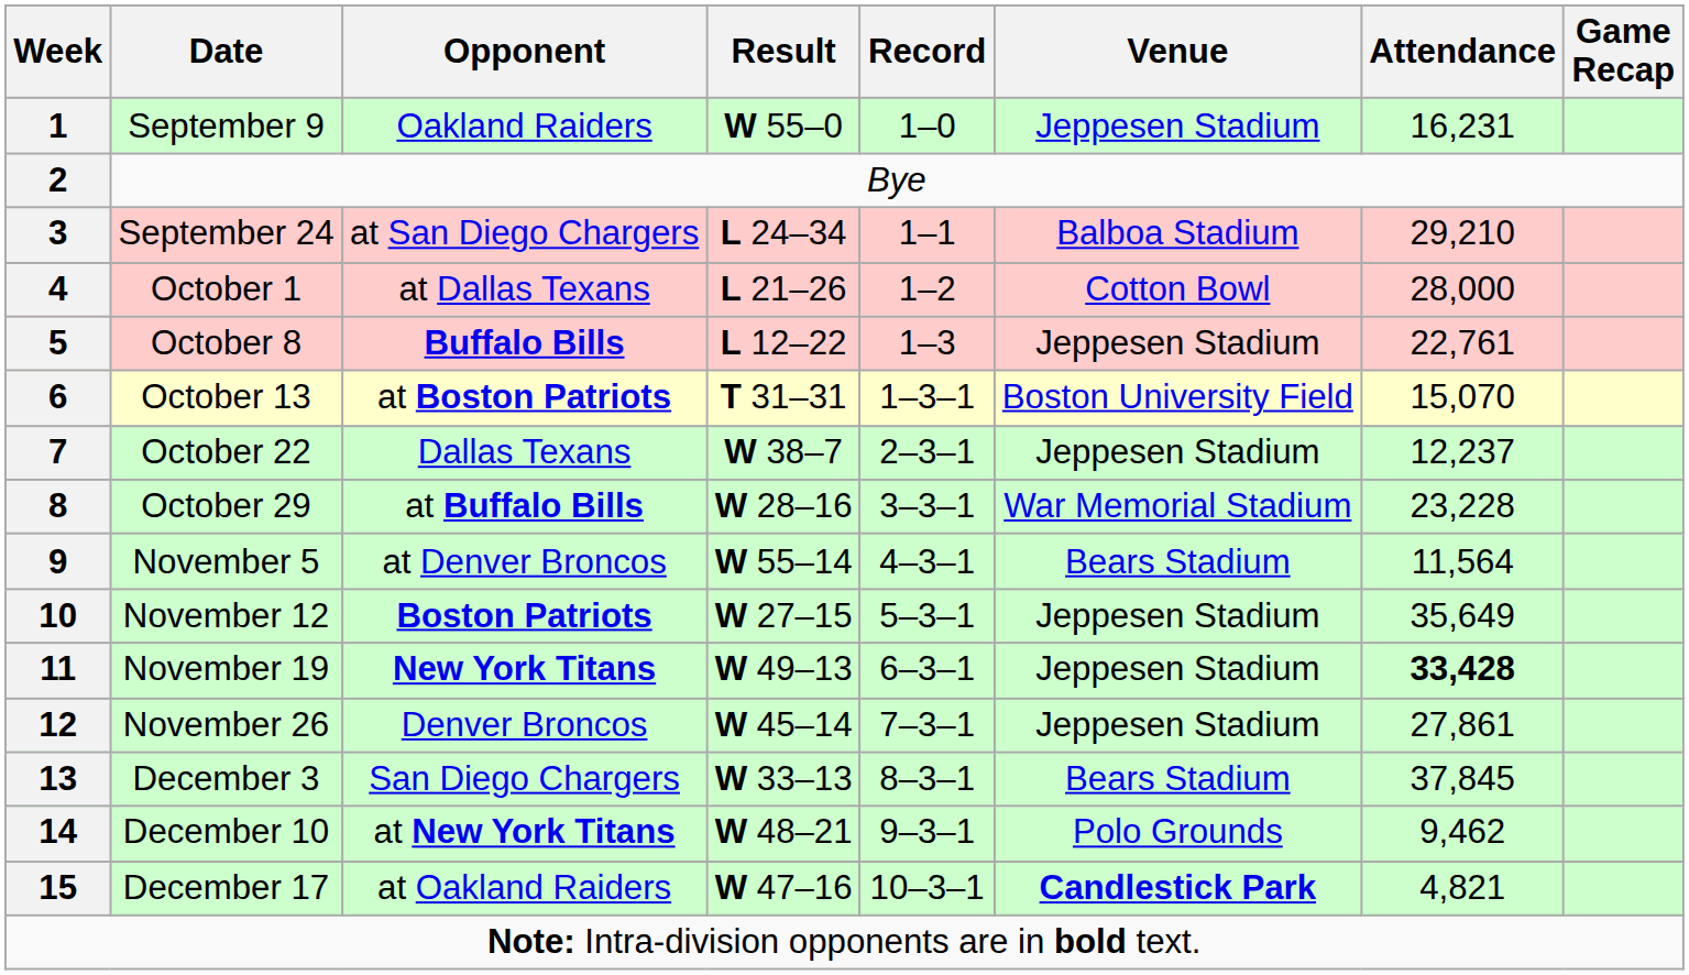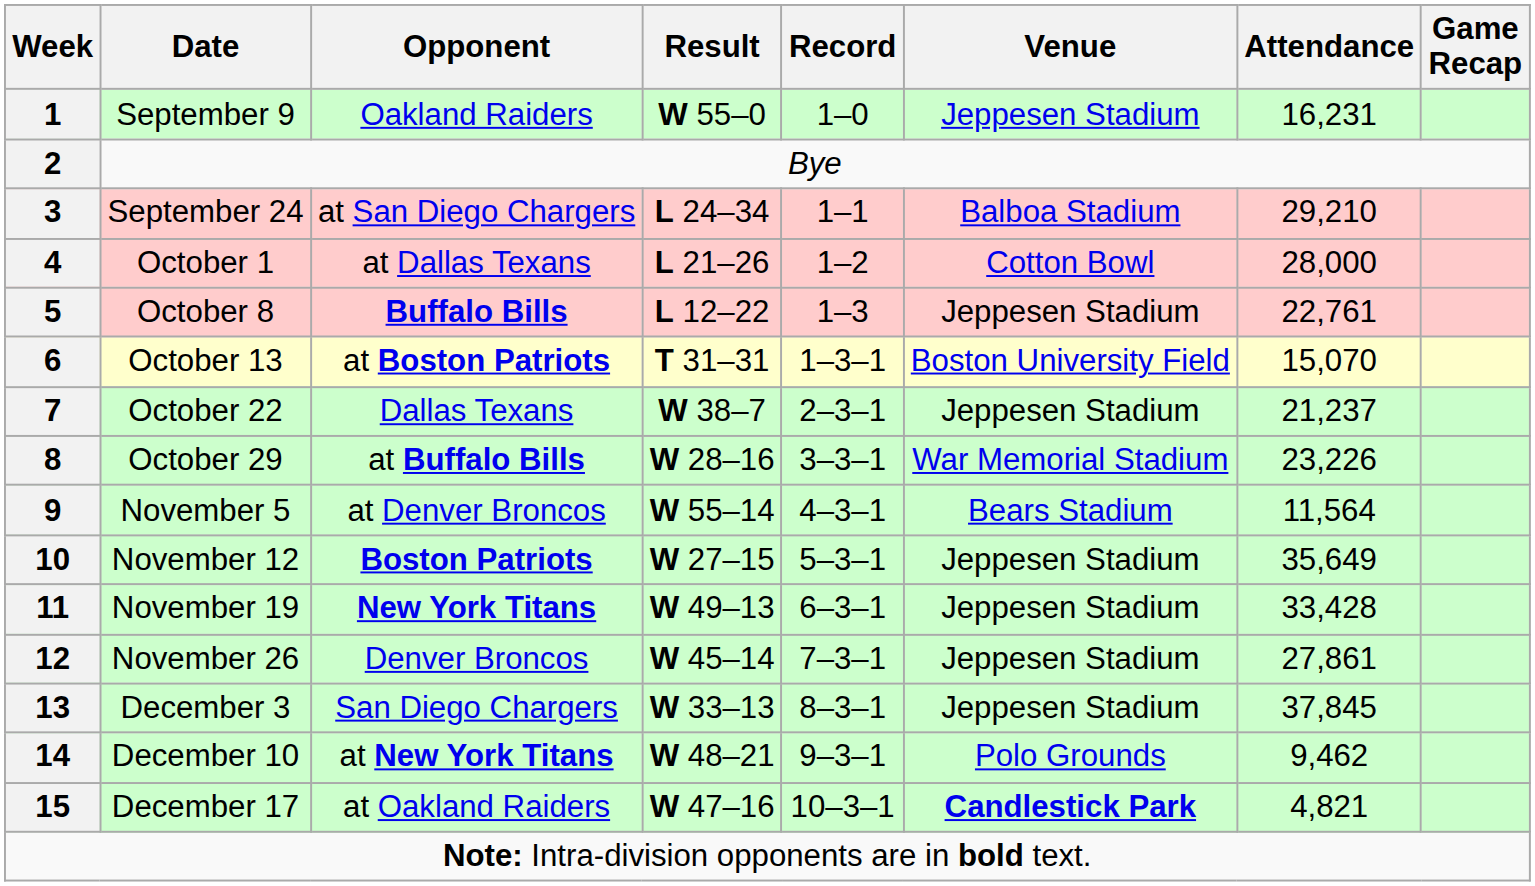 <table class="wikitable" style="text-align:center">
 <tr>
 <th>Week</th>
 <th>Date</th>
 <th>Opponent</th>
 <th>Result</th>
 <th>Record</th>
 <th>Venue</th>
 <th>Attendance</th>
 <th>Game<br>Recap</th>
 </tr>
 <tr style="background:#cfc">
 <th>1</th>
 <td>September 9</td>
 <td><a href='#'>Oakland Raiders</a></td>
 <td><strong>W</strong> 55–0</td>
 <td>1–0</td>
 <td><a href='#'>Jeppesen Stadium</a></td>
 <td>16,231</td>
 <td></td>
 </tr>
 <tr>
 <th>2</th>
 <td colspan="7" align="center"><em>Bye</em></td>
 </tr>
 <tr style="background:#fcc">
 <th>3</th>
 <td>September 24</td>
 <td>at <a href='#'>San Diego Chargers</a></td>
 <td><strong>L</strong> 24–34</td>
 <td>1–1</td>
 <td><a href='#'>Balboa Stadium</a></td>
 <td>29,210</td>
 <td></td>
 </tr>
 <tr style="background:#fcc">
 <th>4</th>
 <td>October 1</td>
 <td>at <a href='#'>Dallas Texans</a></td>
 <td><strong>L</strong> 21–26</td>
 <td>1–2</td>
 <td><a href='#'>Cotton Bowl</a></td>
 <td>28,000</td>
 <td></td>
 </tr>
 <tr style="background:#fcc">
 <th>5</th>
 <td>October 8</td>
 <td><strong><a href='#'>Buffalo Bills</a></strong></td>
 <td><strong>L</strong> 12–22</td>
 <td>1–3</td>
 <td>Jeppesen Stadium</td>
 <td>22,761</td>
 <td></td>
 </tr>
 <tr style="background:#ffc">
 <th>6</th>
 <td>October 13</td>
 <td>at <strong><a href='#'>Boston Patriots</a></strong></td>
 <td><strong>T</strong> 31–31</td>
 <td>1–3–1</td>
 <td><a href='#'>Boston University Field</a></td>
 <td>15,070</td>
 <td></td>
 </tr>
 <tr style="background:#cfc">
 <th>7</th>
 <td>October 22</td>
 <td><a href='#'>Dallas Texans</a></td>
 <td><strong>W</strong> 38–7</td>
 <td>2–3–1</td>
 <td>Jeppesen Stadium</td>
-<td>12,237</td>
+<td>21,237</td>
 <td></td>
 </tr>
 <tr style="background:#cfc">
 <th>8</th>
 <td>October 29</td>
 <td>at <strong><a href='#'>Buffalo Bills</a></strong></td>
 <td><strong>W</strong> 28–16</td>
 <td>3–3–1</td>
 <td><a href='#'>War Memorial Stadium</a></td>
-<td>23,228</td>
+<td>23,226</td>
 <td></td>
 </tr>
 <tr style="background:#cfc">
 <th>9</th>
 <td>November 5</td>
 <td>at <a href='#'>Denver Broncos</a></td>
 <td><strong>W</strong> 55–14</td>
 <td>4–3–1</td>
 <td><a href='#'>Bears Stadium</a></td>
 <td>11,564</td>
 <td></td>
 </tr>
 <tr style="background:#cfc">
 <th>10</th>
 <td>November 12</td>
 <td><strong><a href='#'>Boston Patriots</a></strong></td>
 <td><strong>W</strong> 27–15</td>
 <td>5–3–1</td>
 <td>Jeppesen Stadium</td>
 <td>35,649</td>
 <td></td>
 </tr>
 <tr style="background:#cfc">
 <th>11</th>
 <td>November 19</td>
 <td><strong><a href='#'>New York Titans</a></strong></td>
 <td><strong>W</strong> 49–13</td>
 <td>6–3–1</td>
 <td>Jeppesen Stadium</td>
-<td><strong>33,428</strong></td>
+<td>33,428</td>
 <td></td>
 </tr>
 <tr style="background:#cfc">
 <th>12</th>
 <td>November 26</td>
 <td><a href='#'>Denver Broncos</a></td>
 <td><strong>W</strong> 45–14</td>
 <td>7–3–1</td>
 <td>Jeppesen Stadium</td>
 <td>27,861</td>
 <td></td>
 </tr>
 <tr style="background:#cfc">
 <th>13</th>
 <td>December 3</td>
 <td><a href='#'>San Diego Chargers</a></td>
 <td><strong>W</strong> 33–13</td>
 <td>8–3–1</td>
-<td><a href='#'>Bears Stadium</a></td>
+<td>Jeppesen Stadium</td>
 <td>37,845</td>
 <td></td>
 </tr>
 <tr style="background:#cfc">
 <th>14</th>
 <td>December 10</td>
 <td>at <strong><a href='#'>New York Titans</a></strong></td>
 <td><strong>W</strong> 48–21</td>
 <td>9–3–1</td>
 <td><a href='#'>Polo Grounds</a></td>
 <td>9,462</td>
 <td></td>
 </tr>
 <tr style="background:#cfc">
 <th>15</th>
 <td>December 17</td>
 <td>at <a href='#'>Oakland Raiders</a></td>
 <td><strong>W</strong> 47–16</td>
 <td>10–3–1</td>
 <td><strong><a href='#'>Candlestick Park</a></strong></td>
 <td>4,821</td>
 <td></td>
 </tr>
 <tr>
 <td colspan="8"><strong>Note:</strong> Intra-division opponents are in <strong>bold</strong> text.</td>
 </tr>
 </table>
